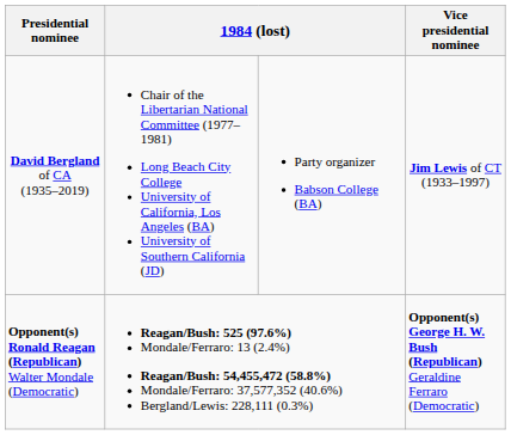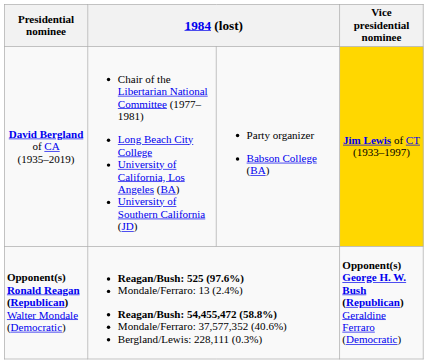 <table class="wikitable">
 <tr>
 <th width=175>Presidential<br>nominee</th>
 <th colspan=2><big><a href='#'>1984</a> (lost)</big></th>
 <th width=175>Vice presidential<br>nominee</th>
 </tr>
 <tr>
 <td style="text-align:center;"><strong><a href='#'>David Bergland</a></strong> of <a href='#'>CA</a><br>(1935–2019)<br></td>
 <td width=350><br><ul><li>Chair of the <a href='#'>Libertarian National Committee</a> (1977–1981)</li></ul><ul><li><a href='#'>Long Beach City College</a></li><li><a href='#'>University of California, Los Angeles</a> (<a href='#'>BA</a>)</li><li><a href='#'>University of Southern California</a> (<a href='#'>JD</a>)</li></ul></td>
 <td width=350><br><ul><li>Party organizer</li></ul><ul><li><a href='#'>Babson College</a> (<a href='#'>BA</a>)</li></ul></td>
-<td style="text-align:center;"><strong><a href='#'>Jim Lewis</a></strong> of <a href='#'>CT</a><br>(1933–1997)<br></td>
+<td style="background: gold; text-align:center;"><strong><a href='#'>Jim Lewis</a></strong> of <a href='#'>CT</a><br>(1933–1997)<br></td>
 </tr>
 <tr>
 <td><strong>Opponent(s)</strong><br><strong><a href='#'>Ronald Reagan</a> (<a href='#'>Republican</a>)</strong><br><a href='#'>Walter Mondale</a> (<a href='#'>Democratic</a>)</td>
 <td colspan=2><br><ul><li><strong>Reagan/Bush: 525 (97.6%)</strong></li><li>Mondale/Ferraro: 13 (2.4%)</li></ul><ul><li><strong>Reagan/Bush: 54,455,472 (58.8%)</strong></li><li>Mondale/Ferraro: 37,577,352 (40.6%)</li><li>Bergland/Lewis: 228,111 (0.3%)</li></ul></td>
 <td><strong>Opponent(s)</strong><br><strong><a href='#'>George H. W. Bush</a> (<a href='#'>Republican</a>)</strong><br><a href='#'>Geraldine Ferraro</a> (<a href='#'>Democratic</a>)</td>
 </tr>
 </table>
